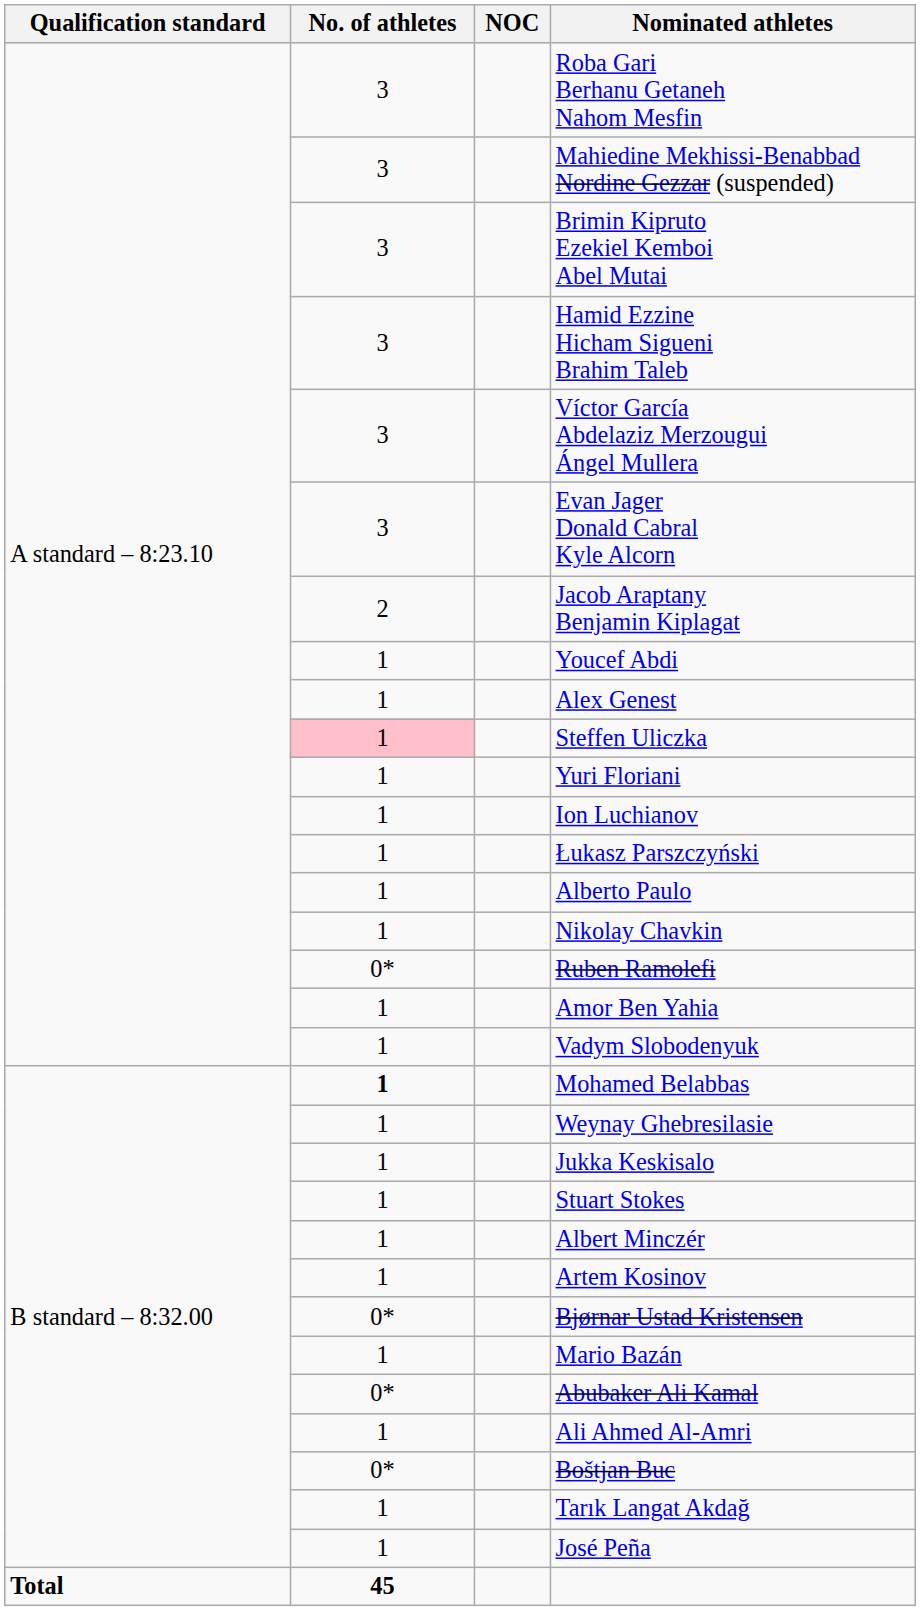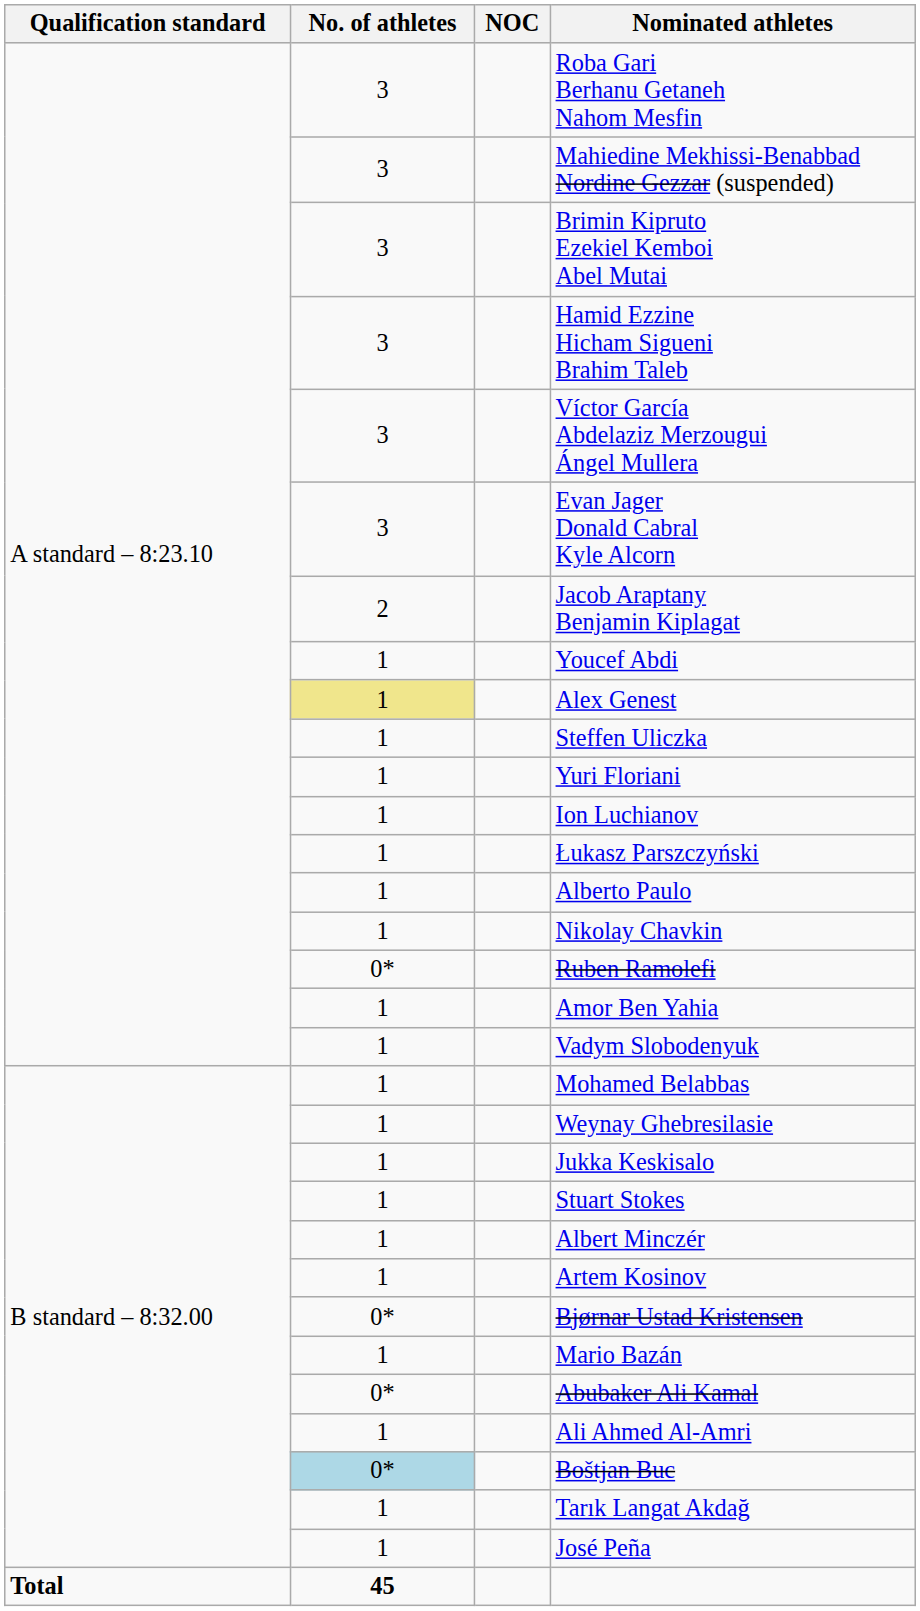 <table class="wikitable"  style="text-align:left; width:600px;">
 <tr>
 <th>Qualification standard</th>
 <th>No. of athletes</th>
 <th>NOC</th>
 <th>Nominated athletes</th>
 </tr>
 <tr>
 <td rowspan="18">A standard – 8:23.10</td>
 <td align=center>3</td>
 <td></td>
 <td><a href='#'>Roba Gari</a><br><a href='#'>Berhanu Getaneh</a><br><a href='#'>Nahom Mesfin</a></td>
 </tr>
 <tr>
 <td align=center>3</td>
 <td></td>
 <td><a href='#'>Mahiedine Mekhissi-Benabbad</a><br><s><a href='#'>Nordine Gezzar</a></s> (suspended)</td>
 </tr>
 <tr>
 <td align=center>3</td>
 <td></td>
 <td><a href='#'>Brimin Kipruto</a> <br> <a href='#'>Ezekiel Kemboi</a> <br> <a href='#'>Abel Mutai</a></td>
 </tr>
 <tr>
 <td align=center>3</td>
 <td></td>
 <td><a href='#'>Hamid Ezzine</a> <br> <a href='#'>Hicham Sigueni</a> <br> <a href='#'>Brahim Taleb</a></td>
 </tr>
 <tr>
 <td align=center>3</td>
 <td></td>
 <td><a href='#'>Víctor García</a> <br> <a href='#'>Abdelaziz Merzougui</a> <br> <a href='#'>Ángel Mullera</a></td>
 </tr>
 <tr>
 <td align=center>3</td>
 <td></td>
 <td><a href='#'>Evan Jager</a><br><a href='#'>Donald Cabral</a><br><a href='#'>Kyle Alcorn</a></td>
 </tr>
 <tr>
 <td align=center>2</td>
 <td></td>
 <td><a href='#'>Jacob Araptany</a><br><a href='#'>Benjamin Kiplagat</a></td>
 </tr>
 <tr>
 <td align=center>1</td>
 <td></td>
 <td><a href='#'>Youcef Abdi</a></td>
 </tr>
 <tr>
-<td align=center>1</td>
+<td align=center style="background: khaki;">1</td>
 <td></td>
 <td><a href='#'>Alex Genest</a></td>
 </tr>
 <tr>
-<td align=center style="background: pink;">1</td>
+<td align=center>1</td>
 <td></td>
 <td><a href='#'>Steffen Uliczka</a></td>
 </tr>
 <tr>
 <td align=center>1</td>
 <td></td>
 <td><a href='#'>Yuri Floriani</a></td>
 </tr>
 <tr>
 <td align=center>1</td>
 <td></td>
 <td><a href='#'>Ion Luchianov</a></td>
 </tr>
 <tr>
 <td align=center>1</td>
 <td></td>
 <td><a href='#'>Łukasz Parszczyński</a></td>
 </tr>
 <tr>
 <td align=center>1</td>
 <td></td>
 <td><a href='#'>Alberto Paulo</a></td>
 </tr>
 <tr>
 <td align=center>1</td>
 <td></td>
 <td><a href='#'>Nikolay Chavkin</a></td>
 </tr>
 <tr>
 <td align=center>0*</td>
 <td></td>
 <td><s><a href='#'>Ruben Ramolefi</a></s></td>
 </tr>
 <tr>
 <td align=center>1</td>
 <td></td>
 <td><a href='#'>Amor Ben Yahia</a></td>
 </tr>
 <tr>
 <td align=center>1</td>
 <td></td>
 <td><a href='#'>Vadym Slobodenyuk</a></td>
 </tr>
 <tr>
 <td rowspan="13">B standard – 8:32.00</td>
-<td align=center><strong>1</strong></td>
+<td align=center>1</td>
 <td></td>
 <td><a href='#'>Mohamed Belabbas</a></td>
 </tr>
 <tr>
 <td align=center>1</td>
 <td></td>
 <td><a href='#'>Weynay Ghebresilasie</a></td>
 </tr>
 <tr>
 <td align=center>1</td>
 <td></td>
 <td><a href='#'>Jukka Keskisalo</a></td>
 </tr>
 <tr>
 <td align=center>1</td>
 <td></td>
 <td><a href='#'>Stuart Stokes</a></td>
 </tr>
 <tr>
 <td align=center>1</td>
 <td></td>
 <td><a href='#'>Albert Minczér</a></td>
 </tr>
 <tr>
 <td align=center>1</td>
 <td></td>
 <td><a href='#'>Artem Kosinov</a></td>
 </tr>
 <tr>
 <td align=center>0*</td>
 <td></td>
 <td><s><a href='#'>Bjørnar Ustad Kristensen</a></s></td>
 </tr>
 <tr>
 <td align=center>1</td>
 <td></td>
 <td><a href='#'>Mario Bazán</a></td>
 </tr>
 <tr>
 <td align=center>0*</td>
 <td></td>
 <td><s><a href='#'>Abubaker Ali Kamal</a></s></td>
 </tr>
 <tr>
 <td align=center>1</td>
 <td></td>
 <td><a href='#'>Ali Ahmed Al-Amri</a></td>
 </tr>
 <tr>
-<td align=center>0*</td>
+<td align=center style="background: lightblue;">0*</td>
 <td></td>
 <td><s><a href='#'>Boštjan Buc</a></s></td>
 </tr>
 <tr>
 <td align=center>1</td>
 <td></td>
 <td><a href='#'>Tarık Langat Akdağ</a></td>
 </tr>
 <tr>
 <td align=center>1</td>
 <td></td>
 <td><a href='#'>José Peña</a></td>
 </tr>
 <tr>
 <td><strong>Total</strong></td>
 <td align=center><strong>45</strong></td>
 <td></td>
 <td></td>
 </tr>
 </table>
